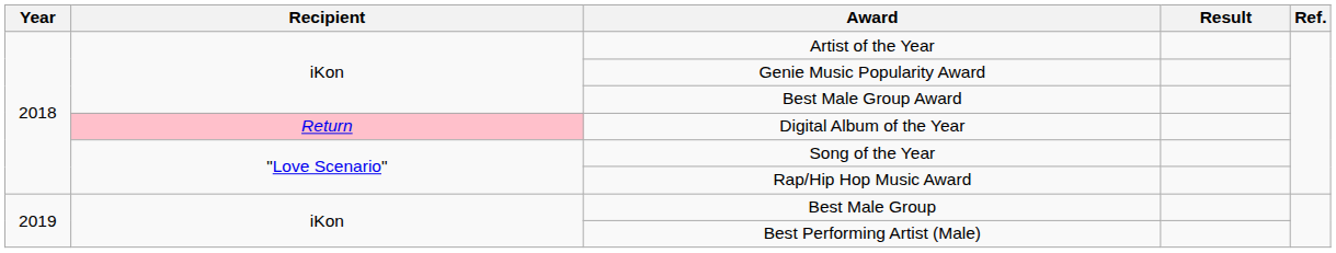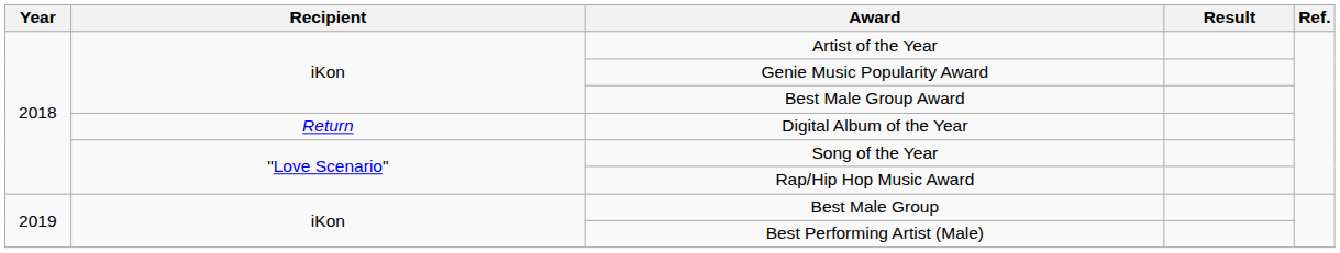 <table class="wikitable" style="text-align:center">
 <tr>
 <th width=5%>Year</th>
 <th style="width:40%;">Recipient</th>
 <th style="width:45%;">Award</th>
 <th style="width:10%;">Result</th>
 <th style="width:5%;">Ref.</th>
 </tr>
 <tr>
 <td rowspan="6">2018</td>
 <td rowspan="3">iKon</td>
 <td>Artist of the Year</td>
 <td></td>
 <td rowspan="6"></td>
 </tr>
 <tr>
 <td>Genie Music Popularity Award</td>
 <td></td>
 </tr>
 <tr>
 <td>Best Male Group Award</td>
 <td></td>
 </tr>
 <tr>
-<td style="background: pink;"><em><a href='#'>Return</a></em></td>
+<td><em><a href='#'>Return</a></em></td>
 <td>Digital Album of the Year</td>
 <td></td>
 </tr>
 <tr>
 <td rowspan="2">"<a href='#'>Love Scenario</a>"</td>
 <td align="center">Song of the Year</td>
 <td></td>
 </tr>
 <tr>
 <td>Rap/Hip Hop Music Award</td>
 <td></td>
 </tr>
 <tr>
 <td rowspan="2">2019</td>
 <td rowspan="2">iKon</td>
 <td>Best Male Group</td>
 <td></td>
 <td rowspan="2"></td>
 </tr>
 <tr>
 <td>Best Performing Artist (Male)</td>
 <td></td>
 </tr>
 </table>
